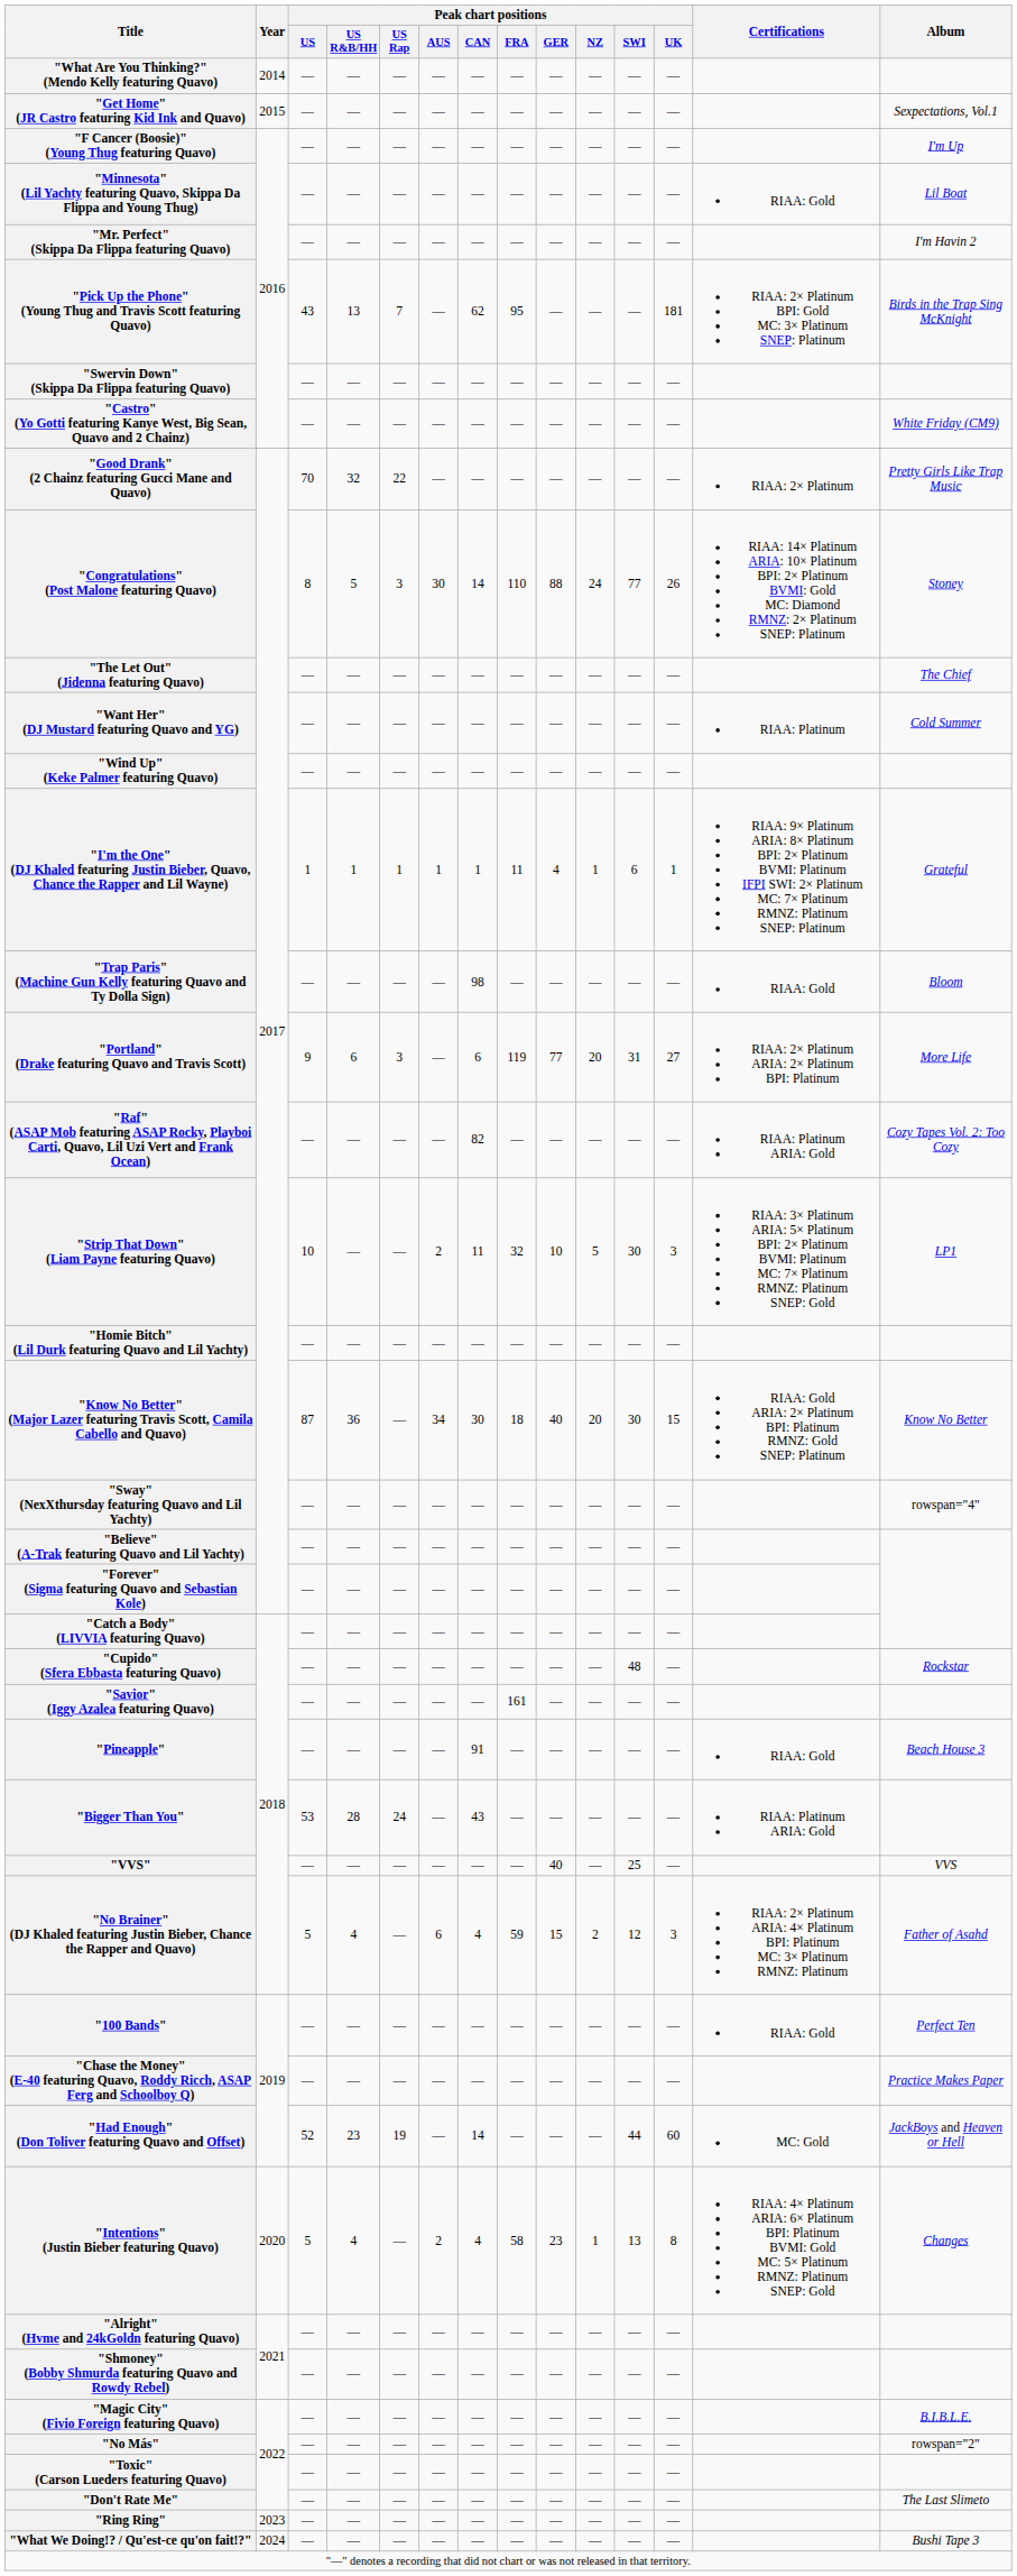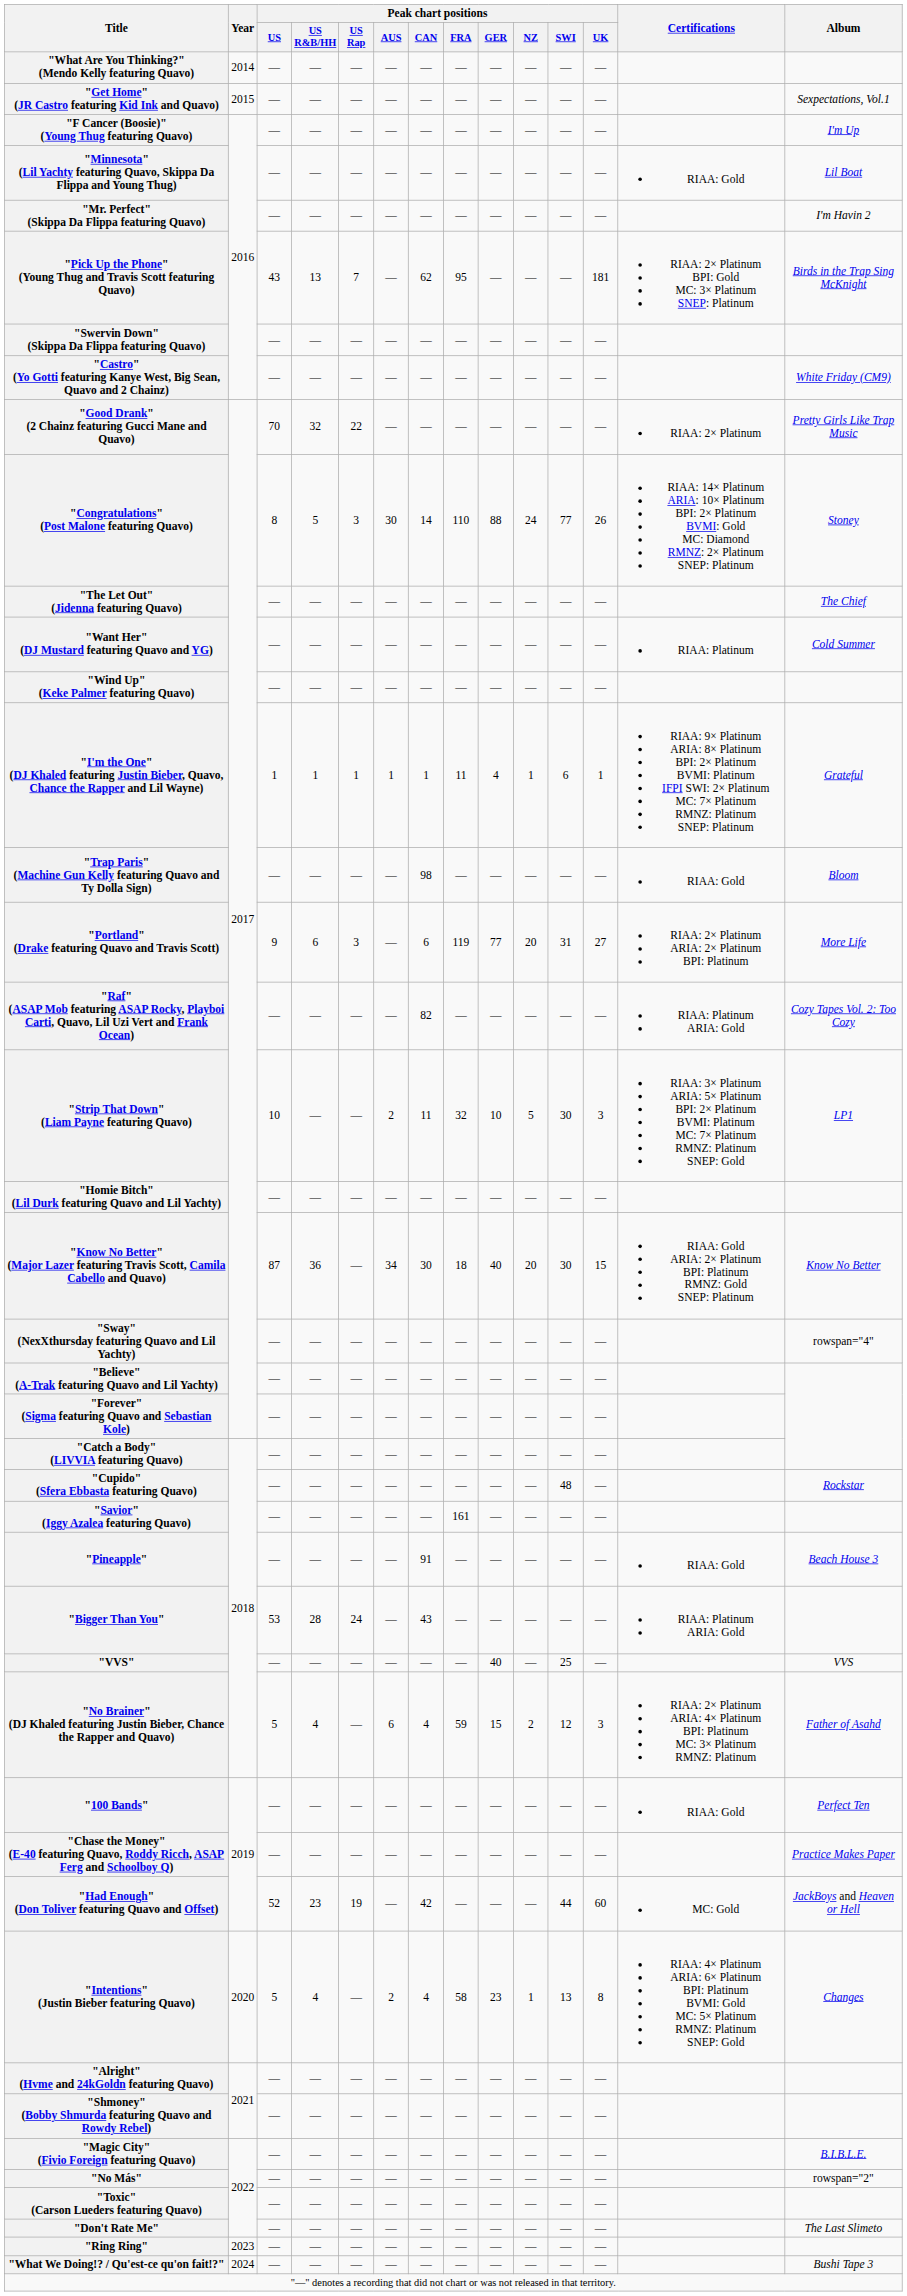 <table class="wikitable plainrowheaders" style="text-align:center;">
 <tr>
 <th scope="col" rowspan="2" style="width:19em;">Title</th>
 <th scope="col" rowspan="2">Year</th>
 <th scope="col" colspan="10">Peak chart positions</th>
 <th scope="col" rowspan="2" style="width:14em;"><a href='#'>Certifications</a></th>
 <th scope="col" rowspan="2">Album</th>
 </tr>
 <tr>
 <th scope="col" style="width:2.9em;font-size:90%;"><a href='#'>US</a><br></th>
 <th scope="col" style="width:2.9em;font-size:90%;"><a href='#'>US<br>R&B/HH</a><br></th>
 <th scope="col" style="width:2.9em;font-size:90%;"><a href='#'>US<br>Rap</a><br></th>
 <th scope="col" style="width:2.9em;font-size:90%;"><a href='#'>AUS</a><br></th>
 <th scope="col" style="width:2.9em;font-size:90%;"><a href='#'>CAN</a><br></th>
 <th scope="col" style="width:2.9em;font-size:90%;"><a href='#'>FRA</a><br></th>
 <th scope="col" style="width:2.9em;font-size:90%;"><a href='#'>GER</a><br></th>
 <th scope="col" style="width:2.9em;font-size:90%;"><a href='#'>NZ</a><br></th>
 <th scope="col" style="width:2.9em;font-size:90%;"><a href='#'>SWI</a><br></th>
 <th scope="col" style="width:2.9em;font-size:90%;"><a href='#'>UK</a><br></th>
 </tr>
 <tr>
 <th scope="row">"What Are You Thinking?"<br><span>(Mendo Kelly featuring Quavo)</span></th>
 <td>2014</td>
 <td>—</td>
 <td>—</td>
 <td>—</td>
 <td>—</td>
 <td>—</td>
 <td>—</td>
 <td>—</td>
 <td>—</td>
 <td>—</td>
 <td>—</td>
 <td></td>
 <td></td>
 </tr>
 <tr>
 <th scope="row">"<a href='#'>Get Home</a>"<br><span>(<a href='#'>JR Castro</a> featuring <a href='#'>Kid Ink</a> and Quavo)</span></th>
 <td>2015</td>
 <td>—</td>
 <td>—</td>
 <td>—</td>
 <td>—</td>
 <td>—</td>
 <td>—</td>
 <td>—</td>
 <td>—</td>
 <td>—</td>
 <td>—</td>
 <td></td>
 <td><em>Sexpectations, Vol.1</em></td>
 </tr>
 <tr>
 <th scope="row">"F Cancer (Boosie)"<br><span>(<a href='#'>Young Thug</a> featuring Quavo)</span></th>
 <td rowspan="6">2016</td>
 <td>—</td>
 <td>—</td>
 <td>—</td>
 <td>—</td>
 <td>—</td>
 <td>—</td>
 <td>—</td>
 <td>—</td>
 <td>—</td>
 <td>—</td>
 <td></td>
 <td><em><a href='#'>I'm Up</a></em></td>
 </tr>
 <tr>
 <th scope="row">"<a href='#'>Minnesota</a>"<br><span>(<a href='#'>Lil Yachty</a> featuring Quavo, Skippa Da Flippa and Young Thug)</span></th>
 <td>—</td>
 <td>—</td>
 <td>—</td>
 <td>—</td>
 <td>—</td>
 <td>—</td>
 <td>—</td>
 <td>—</td>
 <td>—</td>
 <td>—</td>
 <td><br><ul><li>RIAA: Gold</li></ul></td>
 <td><em><a href='#'>Lil Boat</a></em></td>
 </tr>
 <tr>
 <th scope="row">"Mr. Perfect"<br><span>(Skippa Da Flippa featuring Quavo)</span></th>
 <td>—</td>
 <td>—</td>
 <td>—</td>
 <td>—</td>
 <td>—</td>
 <td>—</td>
 <td>—</td>
 <td>—</td>
 <td>—</td>
 <td>—</td>
 <td></td>
 <td><em>I'm Havin 2</em></td>
 </tr>
 <tr>
 <th scope="row">"<a href='#'>Pick Up the Phone</a>"<br><span>(Young Thug and Travis Scott featuring Quavo)</span></th>
 <td>43</td>
 <td>13</td>
 <td>7</td>
 <td>—</td>
 <td>62</td>
 <td>95</td>
 <td>—</td>
 <td>—</td>
 <td>—</td>
 <td>181</td>
 <td><br><ul><li>RIAA: 2× Platinum</li><li>BPI: Gold</li><li>MC: 3× Platinum</li><li><a href='#'>SNEP</a>: Platinum</li></ul></td>
 <td><em><a href='#'>Birds in the Trap Sing McKnight</a></em></td>
 </tr>
 <tr>
 <th scope="row">"Swervin Down"<br><span>(Skippa Da Flippa featuring Quavo)</span></th>
 <td>—</td>
 <td>—</td>
 <td>—</td>
 <td>—</td>
 <td>—</td>
 <td>—</td>
 <td>—</td>
 <td>—</td>
 <td>—</td>
 <td>—</td>
 <td></td>
 <td></td>
 </tr>
 <tr>
 <th scope="row">"<a href='#'>Castro</a>"<br><span>(<a href='#'>Yo Gotti</a> featuring Kanye West, Big Sean, Quavo and 2 Chainz)</span></th>
 <td>—</td>
 <td>—</td>
 <td>—</td>
 <td>—</td>
 <td>—</td>
 <td>—</td>
 <td>—</td>
 <td>—</td>
 <td>—</td>
 <td>—</td>
 <td></td>
 <td><em><a href='#'>White Friday (CM9)</a></em></td>
 </tr>
 <tr>
 <th scope="row">"<a href='#'>Good Drank</a>"<br><span>(2 Chainz featuring Gucci Mane and Quavo)</span></th>
 <td rowspan="15">2017</td>
 <td>70</td>
 <td>32</td>
 <td>22</td>
 <td>—</td>
 <td>—</td>
 <td>—</td>
 <td>—</td>
 <td>—</td>
 <td>—</td>
 <td>—</td>
 <td><br><ul><li>RIAA: 2× Platinum</li></ul></td>
 <td><em><a href='#'>Pretty Girls Like Trap Music</a></em></td>
 </tr>
 <tr>
 <th scope="row">"<a href='#'>Congratulations</a>"<br><span>(<a href='#'>Post Malone</a> featuring Quavo)</span></th>
 <td>8</td>
 <td>5</td>
 <td>3</td>
 <td>30</td>
 <td>14</td>
 <td>110</td>
 <td>88</td>
 <td>24</td>
 <td>77</td>
 <td>26</td>
 <td><br><ul><li>RIAA: 14× Platinum</li><li><a href='#'>ARIA</a>: 10× Platinum</li><li>BPI: 2× Platinum</li><li><a href='#'>BVMI</a>: Gold</li><li>MC: Diamond</li><li><a href='#'>RMNZ</a>: 2× Platinum</li><li>SNEP: Platinum</li></ul></td>
 <td><em><a href='#'>Stoney</a></em></td>
 </tr>
 <tr>
 <th scope="row">"The Let Out"<br><span>(<a href='#'>Jidenna</a> featuring Quavo)</span></th>
 <td>—</td>
 <td>—</td>
 <td>—</td>
 <td>—</td>
 <td>—</td>
 <td>—</td>
 <td>—</td>
 <td>—</td>
 <td>—</td>
 <td>—</td>
 <td></td>
 <td><em><a href='#'>The Chief</a></em></td>
 </tr>
 <tr>
 <th scope="row">"Want Her"<br><span>(<a href='#'>DJ Mustard</a> featuring Quavo and <a href='#'>YG</a>)</span></th>
 <td>—</td>
 <td>—</td>
 <td>—</td>
 <td>—</td>
 <td>—</td>
 <td>—</td>
 <td>—</td>
 <td>—</td>
 <td>—</td>
 <td>—</td>
 <td><br><ul><li>RIAA: Platinum</li></ul></td>
 <td><em><a href='#'>Cold Summer</a></em></td>
 </tr>
 <tr>
 <th scope="row">"Wind Up"<br><span>(<a href='#'>Keke Palmer</a> featuring Quavo)</span></th>
 <td>—</td>
 <td>—</td>
 <td>—</td>
 <td>—</td>
 <td>—</td>
 <td>—</td>
 <td>—</td>
 <td>—</td>
 <td>—</td>
 <td>—</td>
 <td></td>
 <td></td>
 </tr>
 <tr>
 <th scope="row">"<a href='#'>I'm the One</a>"<br><span>(<a href='#'>DJ Khaled</a> featuring <a href='#'>Justin Bieber</a>, Quavo, <a href='#'>Chance the Rapper</a> and Lil Wayne)</span></th>
 <td>1</td>
 <td>1</td>
 <td>1</td>
 <td>1</td>
 <td>1</td>
 <td>11</td>
 <td>4</td>
 <td>1</td>
 <td>6</td>
 <td>1</td>
 <td><br><ul><li>RIAA: 9× Platinum</li><li>ARIA: 8× Platinum</li><li>BPI: 2× Platinum</li><li>BVMI: Platinum</li><li><a href='#'>IFPI</a> SWI: 2× Platinum</li><li>MC: 7× Platinum</li><li>RMNZ: Platinum</li><li>SNEP: Platinum</li></ul></td>
 <td><em><a href='#'>Grateful</a></em></td>
 </tr>
 <tr>
 <th scope="row">"<a href='#'>Trap Paris</a>"<br><span>(<a href='#'>Machine Gun Kelly</a> featuring Quavo and Ty Dolla Sign)</span></th>
 <td>—</td>
 <td>—</td>
 <td>—</td>
 <td>—</td>
 <td>98</td>
 <td>—</td>
 <td>—</td>
 <td>—</td>
 <td>—</td>
 <td>—</td>
 <td><br><ul><li>RIAA: Gold</li></ul></td>
 <td><em><a href='#'>Bloom</a></em></td>
 </tr>
 <tr>
 <th scope="row">"<a href='#'>Portland</a>"<br><span>(<a href='#'>Drake</a> featuring Quavo and Travis Scott)</span></th>
 <td>9</td>
 <td>6</td>
 <td>3</td>
 <td>—</td>
 <td>6</td>
 <td>119</td>
 <td>77</td>
 <td>20</td>
 <td>31</td>
 <td>27</td>
 <td><br><ul><li>RIAA: 2× Platinum</li><li>ARIA: 2× Platinum</li><li>BPI: Platinum</li></ul></td>
 <td><em><a href='#'>More Life</a></em></td>
 </tr>
 <tr>
 <th scope="row">"<a href='#'>Raf</a>"<br><span>(<a href='#'>ASAP Mob</a> featuring <a href='#'>ASAP Rocky</a>, <a href='#'>Playboi Carti</a>, Quavo, Lil Uzi Vert and <a href='#'>Frank Ocean</a>)</span></th>
 <td>—</td>
 <td>—</td>
 <td>—</td>
 <td>—</td>
 <td>82</td>
 <td>—</td>
 <td>—</td>
 <td>—</td>
 <td>—</td>
 <td>—</td>
 <td><br><ul><li>RIAA: Platinum</li><li>ARIA: Gold</li></ul></td>
 <td><em><a href='#'>Cozy Tapes Vol. 2: Too Cozy</a></em></td>
 </tr>
 <tr>
 <th scope="row">"<a href='#'>Strip That Down</a>"<br><span>(<a href='#'>Liam Payne</a> featuring Quavo)</span></th>
 <td>10</td>
 <td>—</td>
 <td>—</td>
 <td>2</td>
 <td>11</td>
 <td>32</td>
 <td>10</td>
 <td>5</td>
 <td>30</td>
 <td>3</td>
 <td><br><ul><li>RIAA: 3× Platinum</li><li>ARIA: 5× Platinum</li><li>BPI: 2× Platinum</li><li>BVMI: Platinum</li><li>MC: 7× Platinum</li><li>RMNZ: Platinum</li><li>SNEP: Gold</li></ul></td>
 <td><em><a href='#'>LP1</a></em></td>
 </tr>
 <tr>
 <th scope="row">"Homie Bitch"<br><span>(<a href='#'>Lil Durk</a> featuring Quavo and Lil Yachty)</span></th>
 <td>—</td>
 <td>—</td>
 <td>—</td>
 <td>—</td>
 <td>—</td>
 <td>—</td>
 <td>—</td>
 <td>—</td>
 <td>—</td>
 <td>—</td>
 <td></td>
 <td></td>
 </tr>
 <tr>
 <th scope="row">"<a href='#'>Know No Better</a>"<br><span>(<a href='#'>Major Lazer</a> featuring Travis Scott, <a href='#'>Camila Cabello</a> and Quavo)</span></th>
 <td>87</td>
 <td>36</td>
 <td>—</td>
 <td>34</td>
 <td>30</td>
 <td>18</td>
 <td>40</td>
 <td>20</td>
 <td>30</td>
 <td>15</td>
 <td><br><ul><li>RIAA: Gold</li><li>ARIA: 2× Platinum</li><li>BPI: Platinum</li><li>RMNZ: Gold</li><li>SNEP: Platinum</li></ul></td>
 <td><em><a href='#'>Know No Better</a></em></td>
 </tr>
 <tr>
 <th scope="row">"Sway"<br><span>(NexXthursday featuring Quavo and Lil Yachty)</span></th>
 <td>—</td>
 <td>—</td>
 <td>—</td>
 <td>—</td>
 <td>—</td>
 <td>—</td>
 <td>—</td>
 <td>—</td>
 <td>—</td>
 <td>—</td>
 <td></td>
 <td>rowspan="4" </td>
 </tr>
 <tr>
 <th scope="row">"Believe"<br><span>(<a href='#'>A-Trak</a> featuring Quavo and Lil Yachty)</span></th>
 <td>—</td>
 <td>—</td>
 <td>—</td>
 <td>—</td>
 <td>—</td>
 <td>—</td>
 <td>—</td>
 <td>—</td>
 <td>—</td>
 <td>—</td>
 <td></td>
 </tr>
 <tr>
 <th scope="row">"Forever"<br><span>(<a href='#'>Sigma</a> featuring Quavo and <a href='#'>Sebastian Kole</a>)</span></th>
 <td>—</td>
 <td>—</td>
 <td>—</td>
 <td>—</td>
 <td>—</td>
 <td>—</td>
 <td>—</td>
 <td>—</td>
 <td>—</td>
 <td>—</td>
 <td></td>
 </tr>
 <tr>
 <th scope="row">"Catch a Body"<br><span>(<a href='#'>LIVVIA</a> featuring Quavo)</span></th>
 <td rowspan="7">2018</td>
 <td>—</td>
 <td>—</td>
 <td>—</td>
 <td>—</td>
 <td>—</td>
 <td>—</td>
 <td>—</td>
 <td>—</td>
 <td>—</td>
 <td>—</td>
 <td></td>
 </tr>
 <tr>
 <th scope="row">"Cupido"<br><span>(<a href='#'>Sfera Ebbasta</a> featuring Quavo)</span></th>
 <td>—</td>
 <td>—</td>
 <td>—</td>
 <td>—</td>
 <td>—</td>
 <td>—</td>
 <td>—</td>
 <td>—</td>
 <td>48</td>
 <td>—</td>
 <td></td>
 <td><em><a href='#'>Rockstar</a></em></td>
 </tr>
 <tr>
 <th scope="row">"<a href='#'>Savior</a>"<br><span>(<a href='#'>Iggy Azalea</a> featuring Quavo)</span></th>
 <td>—</td>
 <td>—</td>
 <td>—</td>
 <td>—</td>
 <td>—</td>
 <td>161</td>
 <td>—</td>
 <td>—</td>
 <td>—</td>
 <td>—</td>
 <td></td>
 <td></td>
 </tr>
 <tr>
 <th scope="row">"<a href='#'>Pineapple</a>"<br></th>
 <td>—</td>
 <td>—</td>
 <td>—</td>
 <td>—</td>
 <td>91</td>
 <td>—</td>
 <td>—</td>
 <td>—</td>
 <td>—</td>
 <td>—</td>
 <td><br><ul><li>RIAA: Gold</li></ul></td>
 <td><em><a href='#'>Beach House 3</a></em></td>
 </tr>
 <tr>
 <th scope="row">"<a href='#'>Bigger Than You</a>"<br></th>
 <td>53</td>
 <td>28</td>
 <td>24</td>
 <td>—</td>
 <td>43</td>
 <td>—</td>
 <td>—</td>
 <td>—</td>
 <td>—</td>
 <td>—</td>
 <td><br><ul><li>RIAA: Platinum</li><li>ARIA: Gold</li></ul></td>
 <td></td>
 </tr>
 <tr>
 <th scope="row">"VVS"<br></th>
 <td>—</td>
 <td>—</td>
 <td>—</td>
 <td>—</td>
 <td>—</td>
 <td>—</td>
 <td>40</td>
 <td>—</td>
 <td>25</td>
 <td>—</td>
 <td></td>
 <td><em>VVS</em></td>
 </tr>
 <tr>
 <th scope="row">"<a href='#'>No Brainer</a>"<br><span>(DJ Khaled featuring Justin Bieber, Chance the Rapper and Quavo)</span></th>
 <td>5</td>
 <td>4</td>
 <td>—</td>
 <td>6</td>
 <td>4</td>
 <td>59</td>
 <td>15</td>
 <td>2</td>
 <td>12</td>
 <td>3</td>
 <td><br><ul><li>RIAA: 2× Platinum</li><li>ARIA: 4× Platinum</li><li>BPI: Platinum</li><li>MC: 3× Platinum</li><li>RMNZ: Platinum</li></ul></td>
 <td><em><a href='#'>Father of Asahd</a></em></td>
 </tr>
 <tr>
 <th scope="row">"<a href='#'>100 Bands</a>"<br></th>
 <td rowspan="3">2019</td>
 <td>—</td>
 <td>—</td>
 <td>—</td>
 <td>—</td>
 <td>—</td>
 <td>—</td>
 <td>—</td>
 <td>—</td>
 <td>—</td>
 <td>—</td>
 <td><br><ul><li>RIAA: Gold</li></ul></td>
 <td><em><a href='#'>Perfect Ten</a></em></td>
 </tr>
 <tr>
 <th scope="row">"Chase the Money"<br><span>(<a href='#'>E-40</a> featuring Quavo, <a href='#'>Roddy Ricch</a>, <a href='#'>ASAP Ferg</a> and <a href='#'>Schoolboy Q</a>)</span></th>
 <td>—</td>
 <td>—</td>
 <td>—</td>
 <td>—</td>
 <td>—</td>
 <td>—</td>
 <td>—</td>
 <td>—</td>
 <td>—</td>
 <td>—</td>
 <td></td>
 <td><em><a href='#'>Practice Makes Paper</a></em></td>
 </tr>
 <tr>
 <th scope="row">"<a href='#'>Had Enough</a>"<br><span>(<a href='#'>Don Toliver</a> featuring Quavo and <a href='#'>Offset</a>)</span></th>
 <td>52</td>
 <td>23</td>
 <td>19</td>
 <td>—</td>
-<td>14</td>
+<td>42</td>
 <td>—</td>
 <td>—</td>
 <td>—</td>
 <td>44</td>
 <td>60</td>
 <td><br><ul><li>MC: Gold</li></ul></td>
 <td><em><a href='#'>JackBoys</a></em> and <em><a href='#'>Heaven or Hell</a></em></td>
 </tr>
 <tr>
 <th scope="row">"<a href='#'>Intentions</a>" <br><span>(Justin Bieber featuring Quavo)</span></th>
 <td>2020</td>
 <td>5</td>
 <td>4</td>
 <td>—</td>
 <td>2</td>
 <td>4</td>
 <td>58</td>
 <td>23</td>
 <td>1</td>
 <td>13</td>
 <td>8</td>
 <td><br><ul><li>RIAA: 4× Platinum</li><li>ARIA: 6× Platinum</li><li>BPI: Platinum</li><li>BVMI: Gold</li><li>MC: 5× Platinum</li><li>RMNZ: Platinum</li><li>SNEP: Gold</li></ul></td>
 <td><em><a href='#'>Changes</a></em></td>
 </tr>
 <tr>
 <th scope="row">"Alright"<br><span>(<a href='#'>Hvme</a> and <a href='#'>24kGoldn</a> featuring Quavo)</span></th>
 <td rowspan="2">2021</td>
 <td>—</td>
 <td>—</td>
 <td>—</td>
 <td>—</td>
 <td>—</td>
 <td>—</td>
 <td>—</td>
 <td>—</td>
 <td>—</td>
 <td>—</td>
 <td></td>
 <td></td>
 </tr>
 <tr>
 <th scope="row">"Shmoney"<br><span>(<a href='#'>Bobby Shmurda</a> featuring Quavo and <a href='#'>Rowdy Rebel</a>)</span></th>
 <td>—</td>
 <td>—</td>
 <td>—</td>
 <td>—</td>
 <td>—</td>
 <td>—</td>
 <td>—</td>
 <td>—</td>
 <td>—</td>
 <td>—</td>
 <td></td>
 <td></td>
 </tr>
 <tr>
 <th scope="row">"Magic City"<br><span>(<a href='#'>Fivio Foreign</a> featuring Quavo)</span></th>
 <td rowspan="4">2022</td>
 <td>—</td>
 <td>—</td>
 <td>—</td>
 <td>—</td>
 <td>—</td>
 <td>—</td>
 <td>—</td>
 <td>—</td>
 <td>—</td>
 <td>—</td>
 <td></td>
 <td><em><a href='#'>B.I.B.L.E.</a></em></td>
 </tr>
 <tr>
 <th scope="row">"No Más"<br></th>
 <td>—</td>
 <td>—</td>
 <td>—</td>
 <td>—</td>
 <td>—</td>
 <td>—</td>
 <td>—</td>
 <td>—</td>
 <td>—</td>
 <td>—</td>
 <td></td>
 <td>rowspan="2" </td>
 </tr>
 <tr>
 <th scope="row">"Toxic"<br><span>(Carson Lueders featuring Quavo)</span></th>
 <td>—</td>
 <td>—</td>
 <td>—</td>
 <td>—</td>
 <td>—</td>
 <td>—</td>
 <td>—</td>
 <td>—</td>
 <td>—</td>
 <td>—</td>
 <td></td>
 </tr>
 <tr>
 <th scope="row">"Don't Rate Me"<br></th>
 <td>—</td>
 <td>—</td>
 <td>—</td>
 <td>—</td>
 <td>—</td>
 <td>—</td>
 <td>—</td>
 <td>—</td>
 <td>—</td>
 <td>—</td>
 <td></td>
 <td><em>The Last Slimeto</em></td>
 </tr>
 <tr>
 <th scope="row">"Ring Ring"<br></th>
 <td>2023</td>
 <td>—</td>
 <td>—</td>
 <td>—</td>
 <td>—</td>
 <td>—</td>
 <td>—</td>
 <td>—</td>
 <td>—</td>
 <td>—</td>
 <td>—</td>
 <td></td>
 <td></td>
 </tr>
 <tr>
 <th scope="row">"What We Doing!? / Qu'est-ce qu'on fait!?"<br></th>
 <td>2024</td>
 <td>—</td>
 <td>—</td>
 <td>—</td>
 <td>—</td>
 <td>—</td>
 <td>—</td>
 <td>—</td>
 <td>—</td>
 <td>—</td>
 <td>—</td>
 <td></td>
 <td><em>Bushi Tape 3</em></td>
 </tr>
 <tr>
 <td colspan="14" style="font-size:90%">"—" denotes a recording that did not chart or was not released in that territory.</td>
 </tr>
 </table>
